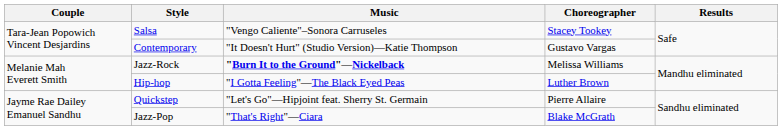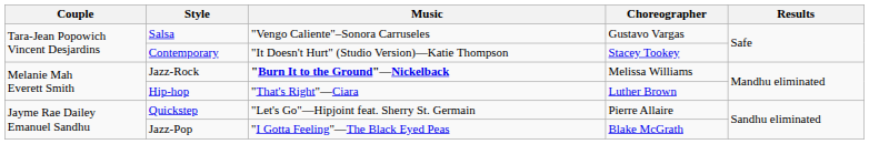 <table class="wikitable" width="90%">
 <tr>
 <th>Couple</th>
 <th>Style</th>
 <th>Music</th>
 <th>Choreographer</th>
 <th>Results</th>
 </tr>
 <tr>
 <td rowspan=2>Tara-Jean Popowich<br>Vincent Desjardins</td>
 <td><a href='#'>Salsa</a></td>
 <td>"Vengo Caliente"–Sonora Carruseles</td>
-<td><a href='#'>Stacey Tookey</a></td>
+<td>Gustavo Vargas</td>
 <td rowspan=2>Safe</td>
 </tr>
 <tr>
 <td><a href='#'>Contemporary</a></td>
 <td>"It Doesn't Hurt" (Studio Version)—Katie Thompson</td>
-<td>Gustavo Vargas</td>
+<td><a href='#'>Stacey Tookey</a></td>
 </tr>
 <tr>
 <td rowspan=2>Melanie Mah<br>Everett Smith</td>
 <td>Jazz-Rock</td>
 <td><strong>"<a href='#'>Burn It to the Ground</a>"—<a href='#'>Nickelback</a></strong></td>
 <td>Melissa Williams</td>
 <td rowspan=2>Mandhu eliminated</td>
 </tr>
 <tr>
 <td><a href='#'>Hip-hop</a></td>
-<td>"<a href='#'>I Gotta Feeling</a>"—<a href='#'>The Black Eyed Peas</a></td>
+<td>"<a href='#'>That's Right</a>"—<a href='#'>Ciara</a></td>
 <td><a href='#'>Luther Brown</a></td>
 </tr>
 <tr>
 <td rowspan=2>Jayme Rae Dailey<br>Emanuel Sandhu</td>
 <td><a href='#'>Quickstep</a></td>
 <td>"Let's Go"—Hipjoint feat. Sherry St. Germain</td>
 <td>Pierre Allaire</td>
 <td rowspan=2>Sandhu eliminated</td>
 </tr>
 <tr>
 <td>Jazz-Pop</td>
-<td>"<a href='#'>That's Right</a>"—<a href='#'>Ciara</a></td>
+<td>"<a href='#'>I Gotta Feeling</a>"—<a href='#'>The Black Eyed Peas</a></td>
 <td><a href='#'>Blake McGrath</a></td>
 </tr>
 </table>
